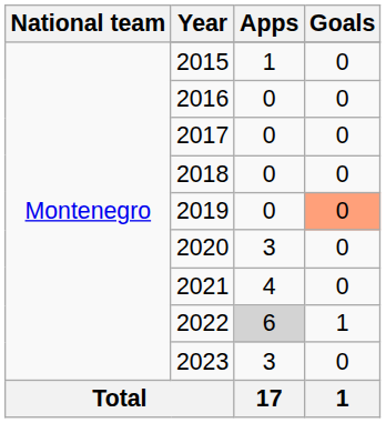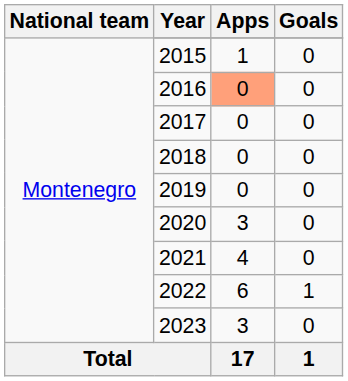 <table class="wikitable" style="text-align:center">
 <tr>
 <th>National team</th>
 <th>Year</th>
 <th>Apps</th>
 <th>Goals</th>
 </tr>
 <tr>
 <td rowspan="10"><a href='#'>Montenegro</a></td>
 </tr>
 <tr>
 <td>2015</td>
 <td>1</td>
 <td>0</td>
 </tr>
 <tr>
 <td>2016</td>
-<td>0</td>
+<td style="background: lightsalmon;">0</td>
 <td>0</td>
 </tr>
 <tr>
 <td>2017</td>
 <td>0</td>
 <td>0</td>
 </tr>
 <tr>
 <td>2018</td>
 <td>0</td>
 <td>0</td>
 </tr>
 <tr>
 <td>2019</td>
 <td>0</td>
-<td style="background: lightsalmon;">0</td>
+<td>0</td>
 </tr>
 <tr>
 <td>2020</td>
 <td>3</td>
 <td>0</td>
 </tr>
 <tr>
 <td>2021</td>
 <td>4</td>
 <td>0</td>
 </tr>
 <tr>
 <td>2022</td>
-<td style="background: lightgrey;">6</td>
+<td>6</td>
 <td>1</td>
 </tr>
 <tr>
 <td>2023</td>
 <td>3</td>
 <td>0</td>
 </tr>
 <tr>
 <th colspan=2>Total</th>
 <th>17</th>
 <th>1</th>
 </tr>
 </table>
